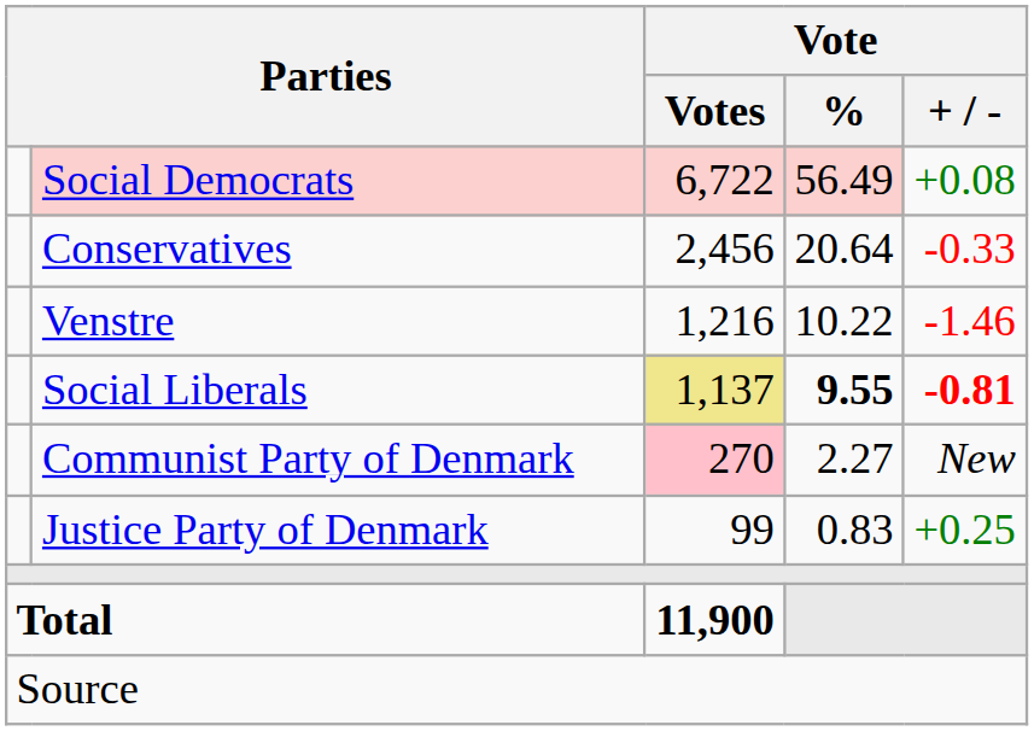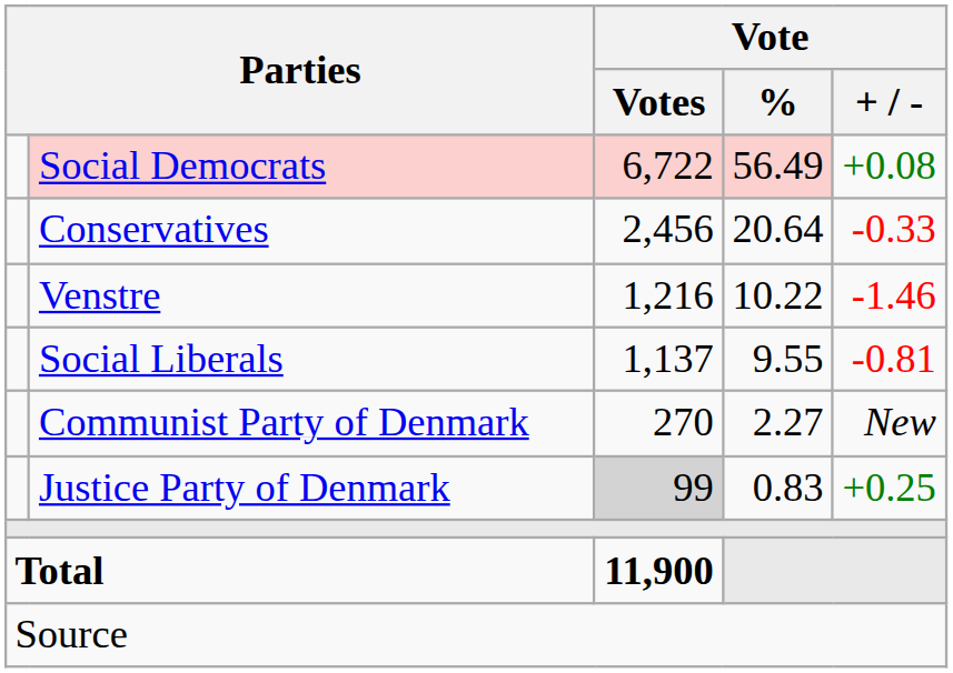 <table class="wikitable" style="text-align:right;">
 <tr>
 <th style="text-align:centre;" rowspan="2" colspan="2" width="225">Parties</th>
 <th colspan="3">Vote</th>
 </tr>
 <tr>
 <th width="15">Votes</th>
 <th width="15">%</th>
 <th width="15">+ / -</th>
 </tr>
 <tr>
 <td width="2" style="color:inherit;background:"></td>
 <td bgcolor=#fbd0ce  align="left"><a href='#'>Social Democrats</a></td>
 <td bgcolor=#fbd0ce>6,722</td>
 <td bgcolor=#fbd0ce>56.49</td>
 <td style=color:green;>+0.08</td>
 </tr>
 <tr>
 <td width="2" style="color:inherit;background:"></td>
 <td align="left"><a href='#'>Conservatives</a></td>
 <td>2,456</td>
 <td>20.64</td>
 <td style=color:red;>-0.33</td>
 </tr>
 <tr>
 <td width="2" style="color:inherit;background:"></td>
 <td align="left"><a href='#'>Venstre</a></td>
 <td>1,216</td>
 <td>10.22</td>
 <td style=color:red;>-1.46</td>
 </tr>
 <tr>
 <td width="2" style="color:inherit;background:"></td>
 <td align="left"><a href='#'>Social Liberals</a></td>
-<td style="background: khaki;">1,137</td>
-<td><strong>9.55</strong></td>
-<td style=color:red;><strong>-0.81</strong></td>
+<td>1,137</td>
+<td>9.55</td>
+<td style=color:red;>-0.81</td>
 </tr>
 <tr>
 <td width="2" style="color:inherit;background:"></td>
 <td align="left"><a href='#'>Communist Party of Denmark</a></td>
-<td style="background: pink;">270</td>
+<td>270</td>
 <td>2.27</td>
 <td><em>New</em></td>
 </tr>
 <tr>
 <td width="2" style="color:inherit;background:"></td>
 <td align="left"><a href='#'>Justice Party of Denmark</a></td>
-<td>99</td>
+<td style="background: lightgrey;">99</td>
 <td>0.83</td>
 <td style=color:green;>+0.25</td>
 </tr>
 <tr>
 <td colspan="7" bgcolor="#E9E9E9"></td>
 </tr>
 <tr>
 <td align="left" colspan="2"><strong>Total</strong></td>
 <td><strong>11,900</strong></td>
 <td bgcolor="#E9E9E9" colspan="2"></td>
 </tr>
 <tr>
 <td align="left" colspan="6">Source</td>
 </tr>
 </table>
